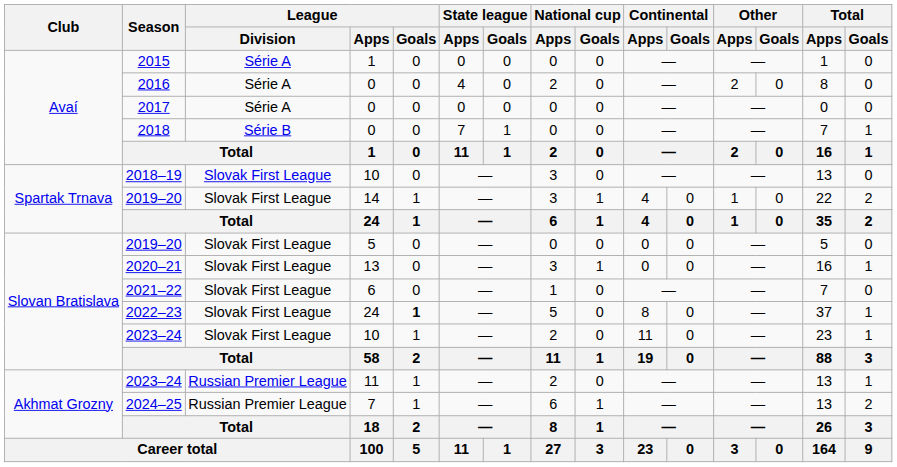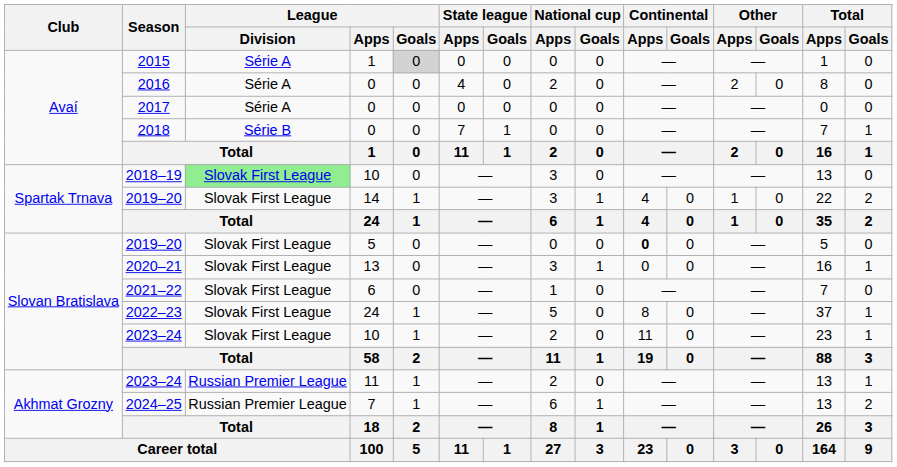 <table class=wikitable style="text-align: center">
 <tr>
 <th rowspan="2">Club</th>
 <th rowspan="2">Season</th>
 <th colspan="3">League</th>
 <th colspan="2">State league</th>
 <th colspan="2">National cup</th>
 <th colspan="2">Continental</th>
 <th colspan="2">Other</th>
 <th colspan="2">Total</th>
 </tr>
 <tr>
 <th>Division</th>
 <th>Apps</th>
 <th>Goals</th>
 <th>Apps</th>
 <th>Goals</th>
 <th>Apps</th>
 <th>Goals</th>
 <th>Apps</th>
 <th>Goals</th>
 <th>Apps</th>
 <th>Goals</th>
 <th>Apps</th>
 <th>Goals</th>
 </tr>
 <tr>
 <td rowspan="5"><a href='#'>Avaí</a></td>
 <td><a href='#'>2015</a></td>
 <td><a href='#'>Série A</a></td>
 <td>1</td>
-<td>0</td>
+<td style="background: lightgrey;">0</td>
 <td>0</td>
 <td>0</td>
 <td>0</td>
 <td>0</td>
 <td colspan="2">—</td>
 <td colspan="2">—</td>
 <td>1</td>
 <td>0</td>
 </tr>
 <tr>
 <td><a href='#'>2016</a></td>
 <td>Série A</td>
 <td>0</td>
 <td>0</td>
 <td>4</td>
 <td>0</td>
 <td>2</td>
 <td>0</td>
 <td colspan="2">—</td>
 <td>2</td>
 <td>0</td>
 <td>8</td>
 <td>0</td>
 </tr>
 <tr>
 <td><a href='#'>2017</a></td>
 <td>Série A</td>
 <td>0</td>
 <td>0</td>
 <td>0</td>
 <td>0</td>
 <td>0</td>
 <td>0</td>
 <td colspan="2">—</td>
 <td colspan="2">—</td>
 <td>0</td>
 <td>0</td>
 </tr>
 <tr>
 <td><a href='#'>2018</a></td>
 <td><a href='#'>Série B</a></td>
 <td>0</td>
 <td>0</td>
 <td>7</td>
 <td>1</td>
 <td>0</td>
 <td>0</td>
 <td colspan="2">—</td>
 <td colspan="2">—</td>
 <td>7</td>
 <td>1</td>
 </tr>
 <tr>
 <th colspan="2">Total</th>
 <th>1</th>
 <th>0</th>
 <th>11</th>
 <th>1</th>
 <th>2</th>
 <th>0</th>
 <th colspan="2">—</th>
 <th>2</th>
 <th>0</th>
 <th>16</th>
 <th>1</th>
 </tr>
 <tr>
 <td rowspan="3"><a href='#'>Spartak Trnava</a></td>
 <td><a href='#'>2018–19</a></td>
-<td><a href='#'>Slovak First League</a></td>
+<td style="background: lightgreen;"><a href='#'>Slovak First League</a></td>
 <td>10</td>
 <td>0</td>
 <td colspan="2">—</td>
 <td>3</td>
 <td>0</td>
 <td colspan="2">—</td>
 <td colspan="2">—</td>
 <td>13</td>
 <td>0</td>
 </tr>
 <tr>
 <td><a href='#'>2019–20</a></td>
 <td>Slovak First League</td>
 <td>14</td>
 <td>1</td>
 <td colspan="2">—</td>
 <td>3</td>
 <td>1</td>
 <td>4</td>
 <td>0</td>
 <td>1</td>
 <td>0</td>
 <td>22</td>
 <td>2</td>
 </tr>
 <tr>
 <th colspan="2">Total</th>
 <th>24</th>
 <th>1</th>
 <th colspan="2">—</th>
 <th>6</th>
 <th>1</th>
 <th>4</th>
 <th>0</th>
 <th>1</th>
 <th>0</th>
 <th>35</th>
 <th>2</th>
 </tr>
 <tr>
 <td rowspan="6"><a href='#'>Slovan Bratislava</a></td>
 <td><a href='#'>2019–20</a></td>
 <td>Slovak First League</td>
 <td>5</td>
 <td>0</td>
 <td colspan="2">—</td>
 <td>0</td>
 <td>0</td>
-<td>0</td>
+<td><strong>0</strong></td>
 <td>0</td>
 <td colspan="2">—</td>
 <td>5</td>
 <td>0</td>
 </tr>
 <tr>
 <td><a href='#'>2020–21</a></td>
 <td>Slovak First League</td>
 <td>13</td>
 <td>0</td>
 <td colspan="2">—</td>
 <td>3</td>
 <td>1</td>
 <td>0</td>
 <td>0</td>
 <td colspan="2">—</td>
 <td>16</td>
 <td>1</td>
 </tr>
 <tr>
 <td><a href='#'>2021–22</a></td>
 <td>Slovak First League</td>
 <td>6</td>
 <td>0</td>
 <td colspan="2">—</td>
 <td>1</td>
 <td>0</td>
 <td colspan="2">—</td>
 <td colspan="2">—</td>
 <td>7</td>
 <td>0</td>
 </tr>
 <tr>
 <td><a href='#'>2022–23</a></td>
 <td>Slovak First League</td>
 <td>24</td>
-<td><strong>1</strong></td>
+<td>1</td>
 <td colspan="2">—</td>
 <td>5</td>
 <td>0</td>
 <td>8</td>
 <td>0</td>
 <td colspan="2">—</td>
 <td>37</td>
 <td>1</td>
 </tr>
 <tr>
 <td><a href='#'>2023–24</a></td>
 <td>Slovak First League</td>
 <td>10</td>
 <td>1</td>
 <td colspan="2">—</td>
 <td>2</td>
 <td>0</td>
 <td>11</td>
 <td>0</td>
 <td colspan="2">—</td>
 <td>23</td>
 <td>1</td>
 </tr>
 <tr>
 <th colspan="2">Total</th>
 <th>58</th>
 <th>2</th>
 <th colspan="2">—</th>
 <th>11</th>
 <th>1</th>
 <th>19</th>
 <th>0</th>
 <th colspan="2">—</th>
 <th>88</th>
 <th>3</th>
 </tr>
 <tr>
 <td rowspan="3"><a href='#'>Akhmat Grozny</a></td>
 <td><a href='#'>2023–24</a></td>
 <td><a href='#'>Russian Premier League</a></td>
 <td>11</td>
 <td>1</td>
 <td colspan="2">—</td>
 <td>2</td>
 <td>0</td>
 <td colspan="2">—</td>
 <td colspan="2">—</td>
 <td>13</td>
 <td>1</td>
 </tr>
 <tr>
 <td><a href='#'>2024–25</a></td>
 <td>Russian Premier League</td>
 <td>7</td>
 <td>1</td>
 <td colspan="2">—</td>
 <td>6</td>
 <td>1</td>
 <td colspan="2">—</td>
 <td colspan="2">—</td>
 <td>13</td>
 <td>2</td>
 </tr>
 <tr>
 <th colspan="2">Total</th>
 <th>18</th>
 <th>2</th>
 <th colspan="2">—</th>
 <th>8</th>
 <th>1</th>
 <th colspan="2">—</th>
 <th colspan="2">—</th>
 <th>26</th>
 <th>3</th>
 </tr>
 <tr>
 <th colspan="3">Career total</th>
 <th>100</th>
 <th>5</th>
 <th>11</th>
 <th>1</th>
 <th>27</th>
 <th>3</th>
 <th>23</th>
 <th>0</th>
 <th>3</th>
 <th>0</th>
 <th>164</th>
 <th>9</th>
 </tr>
 </table>
